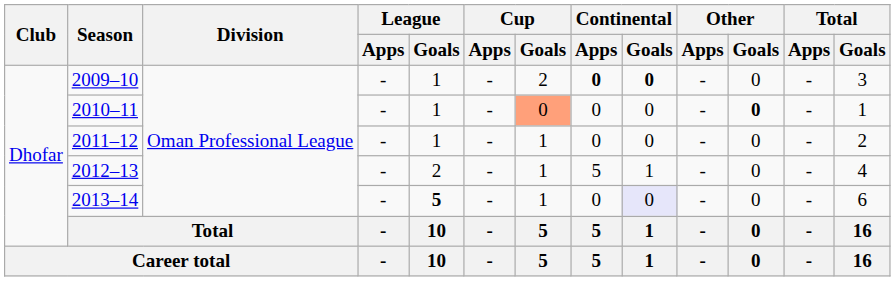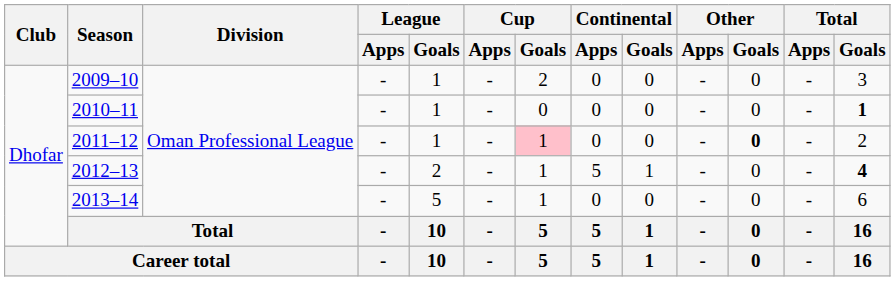 <table class="wikitable" style="text-align: center;">
 <tr>
 <th rowspan="2">Club</th>
 <th rowspan="2">Season</th>
 <th rowspan="2">Division</th>
 <th colspan="2">League</th>
 <th colspan="2">Cup</th>
 <th colspan="2">Continental</th>
 <th colspan="2">Other</th>
 <th colspan="2">Total</th>
 </tr>
 <tr>
 <th>Apps</th>
 <th>Goals</th>
 <th>Apps</th>
 <th>Goals</th>
 <th>Apps</th>
 <th>Goals</th>
 <th>Apps</th>
 <th>Goals</th>
 <th>Apps</th>
 <th>Goals</th>
 </tr>
 <tr>
 <td rowspan="6"><a href='#'>Dhofar</a></td>
 <td><a href='#'>2009–10</a></td>
 <td rowspan="5"><a href='#'>Oman Professional League</a></td>
 <td>-</td>
 <td>1</td>
 <td>-</td>
 <td>2</td>
-<td><strong>0</strong></td>
-<td><strong>0</strong></td>
+<td>0</td>
+<td>0</td>
 <td>-</td>
 <td>0</td>
 <td>-</td>
 <td>3</td>
 </tr>
 <tr>
 <td><a href='#'>2010–11</a></td>
 <td>-</td>
 <td>1</td>
 <td>-</td>
-<td style="background: lightsalmon;">0</td>
+<td>0</td>
 <td>0</td>
 <td>0</td>
 <td>-</td>
-<td><strong>0</strong></td>
+<td>0</td>
 <td>-</td>
-<td>1</td>
+<td><strong>1</strong></td>
 </tr>
 <tr>
 <td><a href='#'>2011–12</a></td>
 <td>-</td>
 <td>1</td>
 <td>-</td>
-<td>1</td>
+<td style="background: pink;">1</td>
 <td>0</td>
 <td>0</td>
 <td>-</td>
-<td>0</td>
+<td><strong>0</strong></td>
 <td>-</td>
 <td>2</td>
 </tr>
 <tr>
 <td><a href='#'>2012–13</a></td>
 <td>-</td>
 <td>2</td>
 <td>-</td>
 <td>1</td>
 <td>5</td>
 <td>1</td>
 <td>-</td>
 <td>0</td>
 <td>-</td>
-<td>4</td>
+<td><strong>4</strong></td>
 </tr>
 <tr>
 <td><a href='#'>2013–14</a></td>
 <td>-</td>
-<td><strong>5</strong></td>
+<td>5</td>
 <td>-</td>
 <td>1</td>
 <td>0</td>
-<td style="background: lavender;">0</td>
+<td>0</td>
 <td>-</td>
 <td>0</td>
 <td>-</td>
 <td>6</td>
 </tr>
 <tr>
 <th colspan="2">Total</th>
 <th>-</th>
 <th>10</th>
 <th>-</th>
 <th>5</th>
 <th>5</th>
 <th>1</th>
 <th>-</th>
 <th>0</th>
 <th>-</th>
 <th>16</th>
 </tr>
 <tr>
 <th colspan="3">Career total</th>
 <th>-</th>
 <th>10</th>
 <th>-</th>
 <th>5</th>
 <th>5</th>
 <th>1</th>
 <th>-</th>
 <th>0</th>
 <th>-</th>
 <th>16</th>
 </tr>
 </table>
